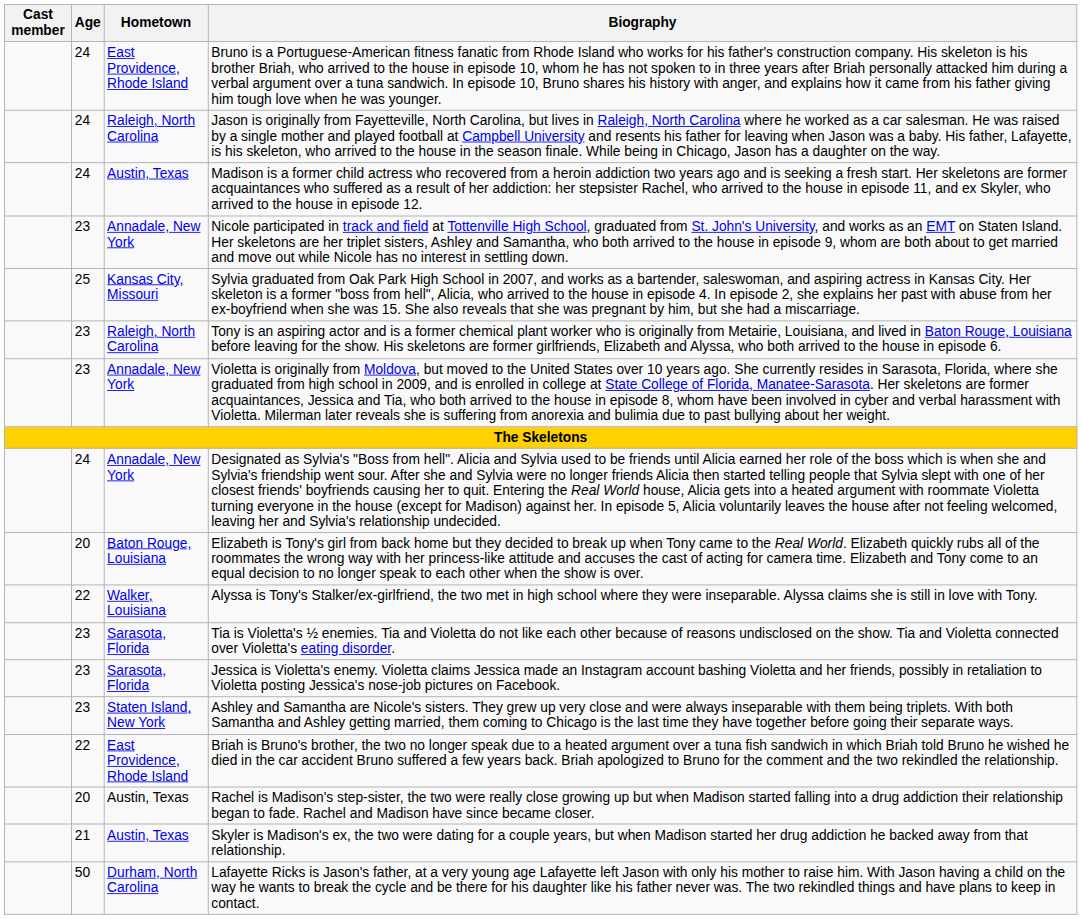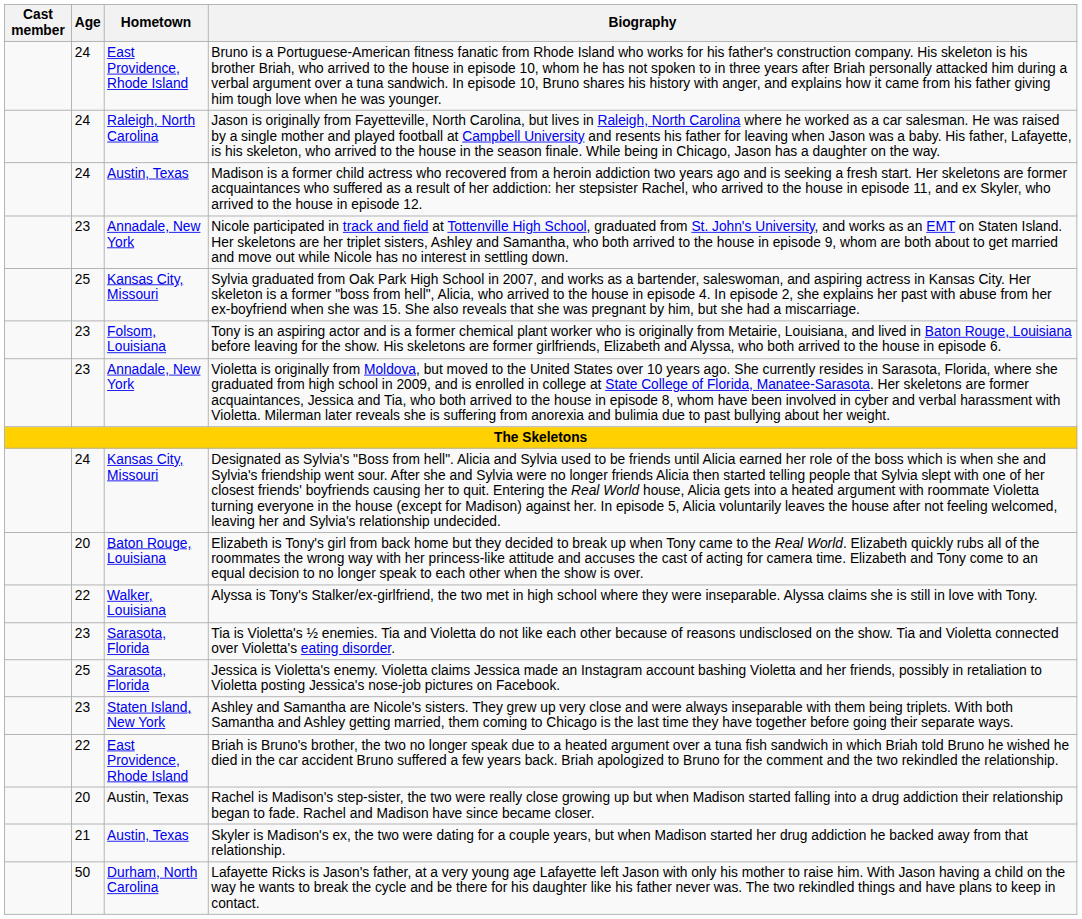 <table class="wikitable sortable">
 <tr>
 <th>Cast member</th>
 <th>Age</th>
 <th>Hometown</th>
 <th>Biography</th>
 </tr>
 <tr valign="top">
 <td><strong></strong></td>
 <td>24</td>
 <td><a href='#'>East Providence, Rhode Island</a></td>
 <td>Bruno is a Portuguese-American fitness fanatic from Rhode Island who works for his father's construction company. His skeleton is his brother Briah, who arrived to the house in episode 10, whom he has not spoken to in three years after Briah personally attacked him during a verbal argument over a tuna sandwich. In episode 10, Bruno shares his history with anger, and explains how it came from his father giving him tough love when he was younger.</td>
 </tr>
 <tr valign="top">
 <td><strong></strong></td>
 <td>24</td>
 <td><a href='#'>Raleigh, North Carolina</a></td>
 <td>Jason is originally from Fayetteville, North Carolina, but lives in <a href='#'>Raleigh, North Carolina</a> where he worked as a car salesman. He was raised by a single mother and played football at <a href='#'>Campbell University</a> and resents his father for leaving when Jason was a baby. His father, Lafayette, is his skeleton, who arrived to the house in the season finale. While being in Chicago, Jason has a daughter on the way.</td>
 </tr>
 <tr valign="top">
 <td><strong></strong></td>
 <td>24</td>
 <td><a href='#'>Austin, Texas</a></td>
 <td>Madison is a former child actress who recovered from a heroin addiction two years ago and is seeking a fresh start. Her skeletons are former acquaintances who suffered as a result of her addiction: her stepsister Rachel, who arrived to the house in episode 11, and ex Skyler, who arrived to the house in episode 12.</td>
 </tr>
 <tr valign="top">
 <td><strong></strong></td>
 <td>23</td>
 <td><a href='#'>Annadale, New York</a></td>
 <td>Nicole participated in <a href='#'>track and field</a> at <a href='#'>Tottenville High School</a>, graduated from <a href='#'>St. John's University</a>, and works as an <a href='#'>EMT</a> on Staten Island. Her skeletons are her triplet sisters, Ashley and Samantha, who both arrived to the house in episode 9, whom are both about to get married and move out while Nicole has no interest in settling down.</td>
 </tr>
 <tr valign="top">
 <td><strong></strong></td>
 <td>25</td>
 <td><a href='#'>Kansas City, Missouri</a></td>
 <td>Sylvia graduated from Oak Park High School in 2007, and works as a bartender, saleswoman, and aspiring actress in Kansas City. Her skeleton is a former "boss from hell", Alicia, who arrived to the house in episode 4. In episode 2, she explains her past with abuse from her ex-boyfriend when she was 15. She also reveals that she was pregnant by him, but she had a miscarriage.</td>
 </tr>
 <tr valign="top">
 <td><strong></strong></td>
 <td>23</td>
-<td><a href='#'>Raleigh, North Carolina</a></td>
+<td><a href='#'>Folsom, Louisiana</a></td>
 <td>Tony is an aspiring actor and is a former chemical plant worker who is originally from Metairie, Louisiana, and lived in <a href='#'>Baton Rouge, Louisiana</a> before leaving for the show. His skeletons are former girlfriends, Elizabeth and Alyssa, who both arrived to the house in episode 6.</td>
 </tr>
 <tr valign="top">
 <td><strong></strong></td>
 <td>23</td>
 <td><a href='#'>Annadale, New York</a></td>
 <td>Violetta is originally from <a href='#'>Moldova</a>, but moved to the United States over 10 years ago. She currently resides in Sarasota, Florida, where she graduated from high school in 2009, and is enrolled in college at <a href='#'>State College of Florida, Manatee-Sarasota</a>. Her skeletons are former acquaintances, Jessica and Tia, who both arrived to the house in episode 8, whom have been involved in cyber and verbal harassment with Violetta. Milerman later reveals she is suffering from anorexia and bulimia due to past bullying about her weight.</td>
 </tr>
 <tr>
 <th scope="row" style="background:#ffd100;" colspan="7">The Skeletons</th>
 </tr>
 <tr valign="top">
 <td><strong></strong></td>
 <td>24</td>
-<td><a href='#'>Annadale, New York</a></td>
+<td><a href='#'>Kansas City, Missouri</a></td>
 <td>Designated as Sylvia's "Boss from hell". Alicia and Sylvia used to be friends until Alicia earned her role of the boss which is when she and Sylvia's friendship went sour. After she and Sylvia were no longer friends Alicia then started telling people that Sylvia slept with one of her closest friends' boyfriends causing her to quit. Entering the <em>Real World</em> house, Alicia gets into a heated argument with roommate Violetta turning everyone in the house (except for Madison) against her. In episode 5, Alicia voluntarily leaves the house after not feeling welcomed, leaving her and Sylvia's relationship undecided.</td>
 </tr>
 <tr valign="top">
 <td><strong></strong></td>
 <td>20</td>
 <td><a href='#'>Baton Rouge, Louisiana</a></td>
 <td>Elizabeth is Tony's girl from back home but they decided to break up when Tony came to the <em>Real World</em>. Elizabeth quickly rubs all of the roommates the wrong way with her princess-like attitude and accuses the cast of acting for camera time. Elizabeth and Tony come to an equal decision to no longer speak to each other when the show is over.</td>
 </tr>
 <tr valign="top">
 <td><strong></strong></td>
 <td>22</td>
 <td><a href='#'>Walker, Louisiana</a></td>
 <td>Alyssa is Tony's Stalker/ex-girlfriend, the two met in high school where they were inseparable. Alyssa claims she is still in love with Tony.</td>
 </tr>
 <tr valign="top">
 <td><strong></strong></td>
 <td>23</td>
 <td><a href='#'>Sarasota, Florida</a></td>
 <td>Tia is Violetta's ½ enemies. Tia and Violetta do not like each other because of reasons undisclosed on the show. Tia and Violetta connected over Violetta's <a href='#'>eating disorder</a>.</td>
 </tr>
 <tr valign="top">
 <td><strong></strong></td>
-<td>23</td>
+<td>25</td>
 <td><a href='#'>Sarasota, Florida</a></td>
 <td>Jessica is Violetta's enemy. Violetta claims Jessica made an Instagram account bashing Violetta and her friends, possibly in retaliation to Violetta posting Jessica's nose-job pictures on Facebook.</td>
 </tr>
 <tr valign="top">
 <td><strong></strong></td>
 <td>23</td>
 <td><a href='#'>Staten Island, New York</a></td>
 <td>Ashley and Samantha are Nicole's sisters. They grew up very close and were always inseparable with them being triplets. With both Samantha and Ashley getting married, them coming to Chicago is the last time they have together before going their separate ways.</td>
 </tr>
 <tr valign="top">
 <td><strong></strong></td>
 <td>22</td>
 <td><a href='#'>East Providence, Rhode Island</a></td>
 <td>Briah is Bruno's brother, the two no longer speak due to a heated argument over a tuna fish sandwich in which Briah told Bruno he wished he died in the car accident Bruno suffered a few years back. Briah apologized to Bruno for the comment and the two rekindled the relationship.</td>
 </tr>
 <tr valign="top">
 <td><strong></strong></td>
 <td>20</td>
 <td>Austin, Texas</td>
 <td>Rachel is Madison's step-sister, the two were really close growing up but when Madison started falling into a drug addiction their relationship began to fade. Rachel and Madison have since became closer.</td>
 </tr>
 <tr valign="top">
 <td><strong></strong></td>
 <td>21</td>
 <td><a href='#'>Austin, Texas</a></td>
 <td>Skyler is Madison's ex, the two were dating for a couple years, but when Madison started her drug addiction he backed away from that relationship.</td>
 </tr>
 <tr valign="top">
 <td><strong></strong></td>
 <td>50</td>
 <td><a href='#'>Durham, North Carolina</a></td>
 <td>Lafayette Ricks is Jason's father, at a very young age Lafayette left Jason with only his mother to raise him. With Jason having a child on the way he wants to break the cycle and be there for his daughter like his father never was. The two rekindled things and have plans to keep in contact.</td>
 </tr>
 </table>
